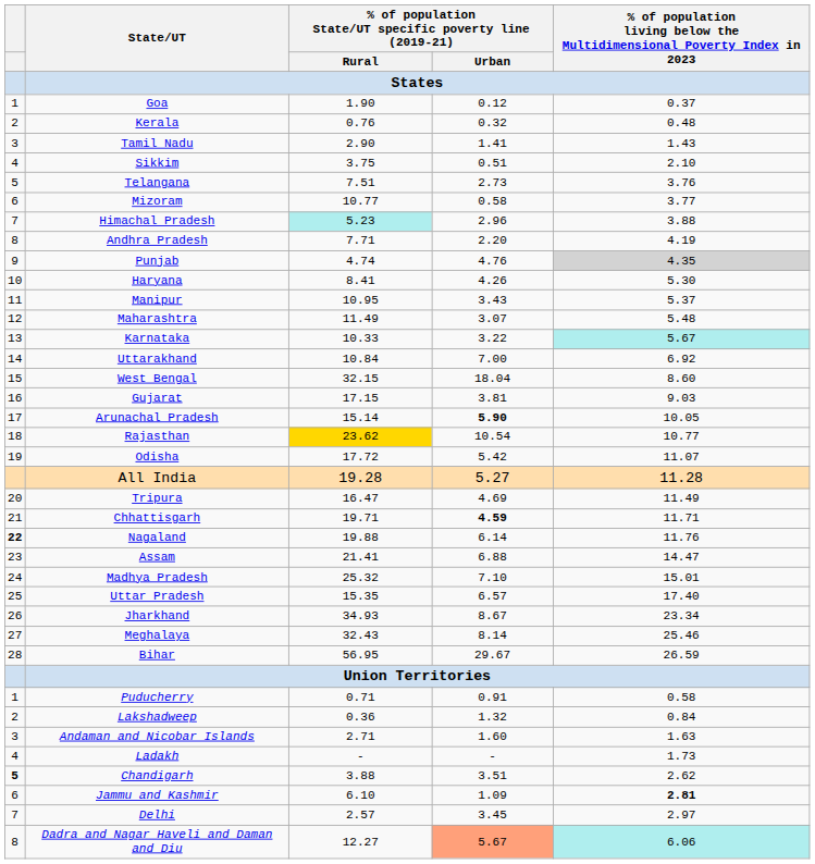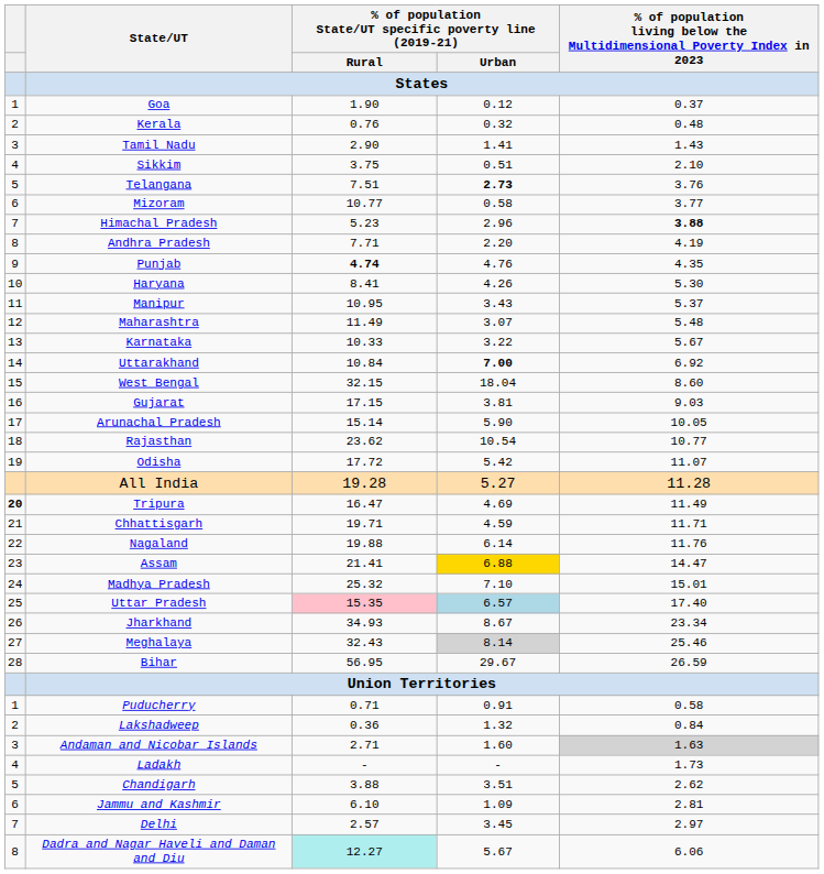 <table class="wikitable sortable" style="text-align:center;">
 <tr>
 <th></th>
 <th rowspan="2">State/UT</th>
 <th colspan="2">% of population<br>State/UT specific poverty line (2019-21)</th>
 <th rowspan="2">% of population<br>living below the<br><a href='#'>Multidimensional Poverty Index</a> in 2023</th>
 </tr>
 <tr>
 <th></th>
 <th>Rural</th>
 <th>Urban</th>
 </tr>
 <tr bgcolor="#CEE0F2">
 <td></td>
 <td colspan="4"><strong><big>States</big></strong></td>
 </tr>
 <tr>
 <td>1</td>
 <td><a href='#'>Goa</a></td>
 <td>1.90</td>
 <td>0.12</td>
 <td>0.37</td>
 </tr>
 <tr>
 <td>2</td>
 <td><a href='#'>Kerala</a></td>
 <td>0.76</td>
 <td>0.32</td>
 <td>0.48</td>
 </tr>
 <tr>
 <td>3</td>
 <td><a href='#'>Tamil Nadu</a></td>
 <td>2.90</td>
 <td>1.41</td>
 <td>1.43</td>
 </tr>
 <tr>
 <td>4</td>
 <td><a href='#'>Sikkim</a></td>
 <td>3.75</td>
 <td>0.51</td>
 <td>2.10</td>
 </tr>
 <tr>
 <td>5</td>
 <td><a href='#'>Telangana</a></td>
 <td>7.51</td>
-<td>2.73</td>
+<td><strong>2.73</strong></td>
 <td>3.76</td>
 </tr>
 <tr>
 <td>6</td>
 <td><a href='#'>Mizoram</a></td>
 <td>10.77</td>
 <td>0.58</td>
 <td>3.77</td>
 </tr>
 <tr>
 <td>7</td>
 <td><a href='#'>Himachal Pradesh</a></td>
-<td style="background: paleturquoise;">5.23</td>
+<td>5.23</td>
 <td>2.96</td>
-<td>3.88</td>
+<td><strong>3.88</strong></td>
 </tr>
 <tr>
 <td>8</td>
 <td><a href='#'>Andhra Pradesh</a></td>
 <td>7.71</td>
 <td>2.20</td>
 <td>4.19</td>
 </tr>
 <tr>
 <td>9</td>
 <td><a href='#'>Punjab</a></td>
-<td>4.74</td>
+<td><strong>4.74</strong></td>
 <td>4.76</td>
-<td style="background: lightgrey;">4.35</td>
+<td>4.35</td>
 </tr>
 <tr>
 <td>10</td>
 <td><a href='#'>Haryana</a></td>
 <td>8.41</td>
 <td>4.26</td>
 <td>5.30</td>
 </tr>
 <tr>
 <td>11</td>
 <td><a href='#'>Manipur</a></td>
 <td>10.95</td>
 <td>3.43</td>
 <td>5.37</td>
 </tr>
 <tr>
 <td>12</td>
 <td><a href='#'>Maharashtra</a></td>
 <td>11.49</td>
 <td>3.07</td>
 <td>5.48</td>
 </tr>
 <tr>
 <td>13</td>
 <td><a href='#'>Karnataka</a></td>
 <td>10.33</td>
 <td>3.22</td>
-<td style="background: paleturquoise;">5.67</td>
+<td>5.67</td>
 </tr>
 <tr>
 <td>14</td>
 <td><a href='#'>Uttarakhand</a></td>
 <td>10.84</td>
-<td>7.00</td>
+<td><strong>7.00</strong></td>
 <td>6.92</td>
 </tr>
 <tr>
 <td>15</td>
 <td><a href='#'>West Bengal</a></td>
 <td>32.15</td>
 <td>18.04</td>
 <td>8.60</td>
 </tr>
 <tr>
 <td>16</td>
 <td><a href='#'>Gujarat</a></td>
 <td>17.15</td>
 <td>3.81</td>
 <td>9.03</td>
 </tr>
 <tr>
 <td>17</td>
 <td><a href='#'>Arunachal Pradesh</a></td>
 <td>15.14</td>
-<td><strong>5.90</strong></td>
+<td>5.90</td>
 <td>10.05</td>
 </tr>
 <tr>
 <td>18</td>
 <td><a href='#'>Rajasthan</a></td>
-<td style="background: gold;">23.62</td>
+<td>23.62</td>
 <td>10.54</td>
 <td>10.77</td>
 </tr>
 <tr>
 <td>19</td>
 <td><a href='#'>Odisha</a></td>
 <td>17.72</td>
 <td>5.42</td>
 <td>11.07</td>
 </tr>
 <tr bgcolor="#ffdead">
 <td></td>
 <td><big>All India</big></td>
 <td><big>19.28</big></td>
 <td><big>5.27</big></td>
 <td><big>11.28</big></td>
 </tr>
 <tr>
-<td>20</td>
+<td><strong>20</strong></td>
 <td><a href='#'>Tripura</a></td>
 <td>16.47</td>
 <td>4.69</td>
 <td>11.49</td>
 </tr>
 <tr>
 <td>21</td>
 <td><a href='#'>Chhattisgarh</a></td>
 <td>19.71</td>
-<td><strong>4.59</strong></td>
+<td>4.59</td>
 <td>11.71</td>
 </tr>
 <tr>
-<td><strong>22</strong></td>
+<td>22</td>
 <td><a href='#'>Nagaland</a></td>
 <td>19.88</td>
 <td>6.14</td>
 <td>11.76</td>
 </tr>
 <tr>
 <td>23</td>
 <td><a href='#'>Assam</a></td>
 <td>21.41</td>
-<td>6.88</td>
+<td style="background: gold;">6.88</td>
 <td>14.47</td>
 </tr>
 <tr>
 <td>24</td>
 <td><a href='#'>Madhya Pradesh</a></td>
 <td>25.32</td>
 <td>7.10</td>
 <td>15.01</td>
 </tr>
 <tr>
 <td>25</td>
 <td><a href='#'>Uttar Pradesh</a></td>
-<td>15.35</td>
-<td>6.57</td>
+<td style="background: pink;">15.35</td>
+<td style="background: lightblue;">6.57</td>
 <td>17.40</td>
 </tr>
 <tr>
 <td>26</td>
 <td><a href='#'>Jharkhand</a></td>
 <td>34.93</td>
 <td>8.67</td>
 <td>23.34</td>
 </tr>
 <tr>
 <td>27</td>
 <td><a href='#'>Meghalaya</a></td>
 <td>32.43</td>
-<td>8.14</td>
+<td style="background: lightgrey;">8.14</td>
 <td>25.46</td>
 </tr>
 <tr>
 <td>28</td>
 <td><a href='#'>Bihar</a></td>
 <td>56.95</td>
 <td>29.67</td>
 <td>26.59</td>
 </tr>
 <tr bgcolor="#CEE0F2">
 <td></td>
 <td colspan="4"><strong><big>Union Territories</big></strong></td>
 </tr>
 <tr>
 <td>1</td>
 <td><em><a href='#'>Puducherry</a></em></td>
 <td>0.71</td>
 <td>0.91</td>
 <td>0.58</td>
 </tr>
 <tr>
 <td>2</td>
 <td><em><a href='#'>Lakshadweep</a></em></td>
 <td>0.36</td>
 <td>1.32</td>
 <td>0.84</td>
 </tr>
 <tr>
 <td>3</td>
 <td><em><a href='#'>Andaman and Nicobar Islands</a></em></td>
 <td>2.71</td>
 <td>1.60</td>
-<td>1.63</td>
+<td style="background: lightgrey;">1.63</td>
 </tr>
 <tr>
 <td>4</td>
 <td><em><a href='#'>Ladakh</a></em></td>
 <td>-</td>
 <td>-</td>
 <td>1.73</td>
 </tr>
 <tr>
-<td><strong>5</strong></td>
+<td>5</td>
 <td><em><a href='#'>Chandigarh</a></em></td>
 <td>3.88</td>
 <td>3.51</td>
 <td>2.62</td>
 </tr>
 <tr>
 <td>6</td>
 <td><em><a href='#'>Jammu and Kashmir</a></em></td>
 <td>6.10</td>
 <td>1.09</td>
-<td><strong>2.81</strong></td>
+<td>2.81</td>
 </tr>
 <tr>
 <td>7</td>
 <td><em><a href='#'>Delhi</a></em></td>
 <td>2.57</td>
 <td>3.45</td>
 <td>2.97</td>
 </tr>
 <tr>
 <td>8</td>
 <td><em><a href='#'>Dadra and Nagar Haveli and Daman and Diu</a></em></td>
-<td>12.27</td>
-<td style="background: lightsalmon;">5.67</td>
-<td style="background: paleturquoise;">6.06</td>
+<td style="background: paleturquoise;">12.27</td>
+<td>5.67</td>
+<td>6.06</td>
 </tr>
 </table>
